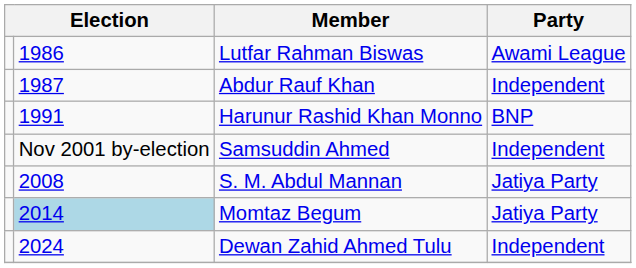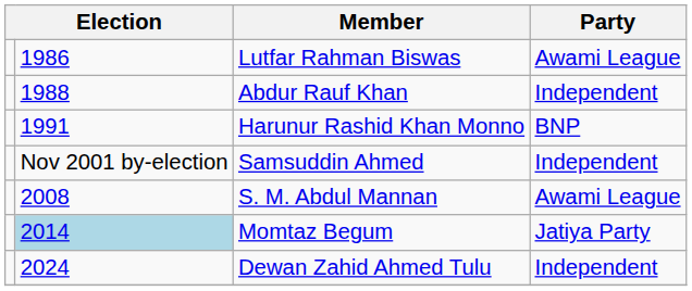 <table class="wikitable">
 <tr>
 <th colspan="2">Election</th>
 <th>Member</th>
 <th>Party</th>
 </tr>
 <tr>
 <td style="background-color:"></td>
 <td><a href='#'>1986</a></td>
 <td><a href='#'>Lutfar Rahman Biswas</a></td>
 <td><a href='#'>Awami League</a></td>
 </tr>
 <tr>
 <td style="background-color:"></td>
-<td><a href='#'>1987</a></td>
+<td><a href='#'>1988</a></td>
 <td><a href='#'>Abdur Rauf Khan</a></td>
 <td><a href='#'>Independent</a></td>
 </tr>
 <tr>
 <td style="background-color:"></td>
 <td><a href='#'>1991</a></td>
 <td><a href='#'>Harunur Rashid Khan Monno</a></td>
 <td><a href='#'>BNP</a></td>
 </tr>
 <tr>
 <td style="background-color:"></td>
 <td>Nov 2001 by-election</td>
 <td><a href='#'>Samsuddin Ahmed</a></td>
 <td><a href='#'>Independent</a></td>
 </tr>
 <tr>
 <td style="background-color:"></td>
 <td><a href='#'>2008</a></td>
 <td><a href='#'>S. M. Abdul Mannan</a></td>
-<td><a href='#'>Jatiya Party</a></td>
+<td><a href='#'>Awami League</a></td>
 </tr>
 <tr>
 <td style="background-color:"></td>
 <td style="background: lightblue;"><a href='#'>2014</a></td>
 <td><a href='#'>Momtaz Begum</a></td>
 <td><a href='#'>Jatiya Party</a></td>
 </tr>
 <tr>
 <td style="background-color:"></td>
 <td><a href='#'>2024</a></td>
 <td><a href='#'>Dewan Zahid Ahmed Tulu</a></td>
 <td><a href='#'>Independent</a></td>
 </tr>
 <tr>
 </tr>
 </table>
